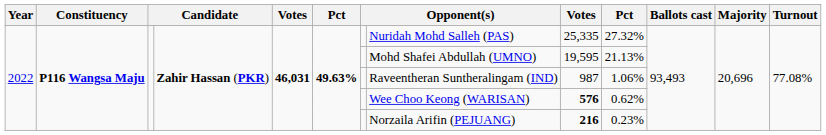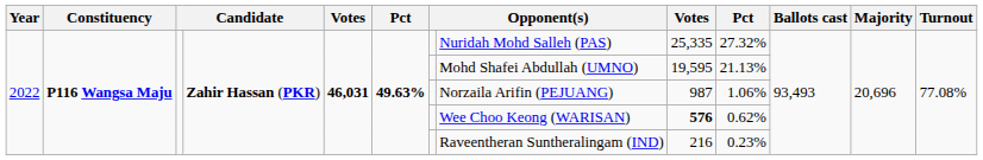 <table class="wikitable" style="margin:0.5em ; font-size:95%">
 <tr>
 <th>Year</th>
 <th>Constituency</th>
 <th colspan=2>Candidate</th>
 <th>Votes</th>
 <th>Pct</th>
 <th colspan=2>Opponent(s)</th>
 <th>Votes</th>
 <th>Pct</th>
 <th>Ballots cast</th>
 <th>Majority</th>
 <th>Turnout</th>
 </tr>
 <tr>
 <td rowspan=5><a href='#'>2022</a></td>
 <td rowspan=5><strong>P116 <a href='#'>Wangsa Maju</a></strong></td>
 <td rowspan=5 ></td>
 <td rowspan=5><strong>Zahir Hassan</strong> (<a href='#'><strong>PKR</strong></a>)</td>
 <td rowspan=5><strong>46,031</strong></td>
 <td rowspan=5><strong>49.63%</strong></td>
 <td bgcolor=></td>
 <td><a href='#'>Nuridah Mohd Salleh</a> (<a href='#'>PAS</a>)</td>
 <td>25,335</td>
 <td>27.32%</td>
 <td rowspan=5>93,493</td>
 <td rowspan=5>20,696</td>
 <td rowspan=5>77.08%</td>
 </tr>
 <tr>
 <td></td>
 <td>Mohd Shafei Abdullah (<a href='#'>UMNO</a>)</td>
 <td>19,595</td>
 <td>21.13%</td>
 </tr>
 <tr>
 <td bgcolor=></td>
-<td>Raveentheran Suntheralingam (<a href='#'>IND</a>)</td>
+<td>Norzaila Arifin (<a href='#'>PEJUANG</a>)</td>
 <td align=right>987</td>
 <td align=right>1.06%</td>
 </tr>
 <tr>
 <td></td>
 <td><a href='#'>Wee Choo Keong</a> (<a href='#'>WARISAN</a>)</td>
 <td align=right><strong>576</strong></td>
 <td align=right>0.62%</td>
 </tr>
 <tr>
 <td></td>
-<td>Norzaila Arifin (<a href='#'>PEJUANG</a>)</td>
-<td align=right><strong>216</strong></td>
+<td>Raveentheran Suntheralingam (<a href='#'>IND</a>)</td>
+<td align=right>216</td>
 <td align=right>0.23%</td>
 </tr>
 </table>
